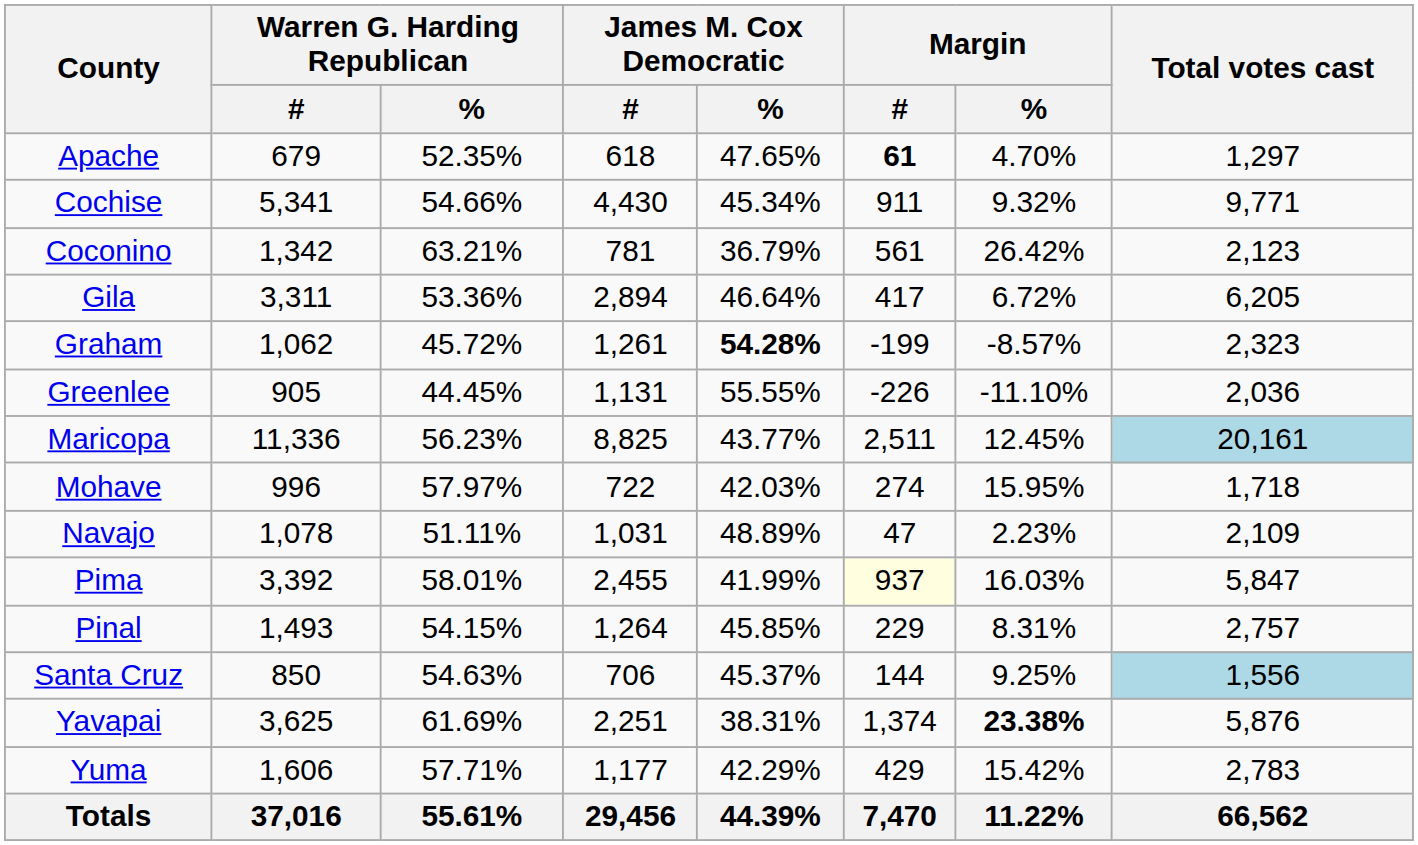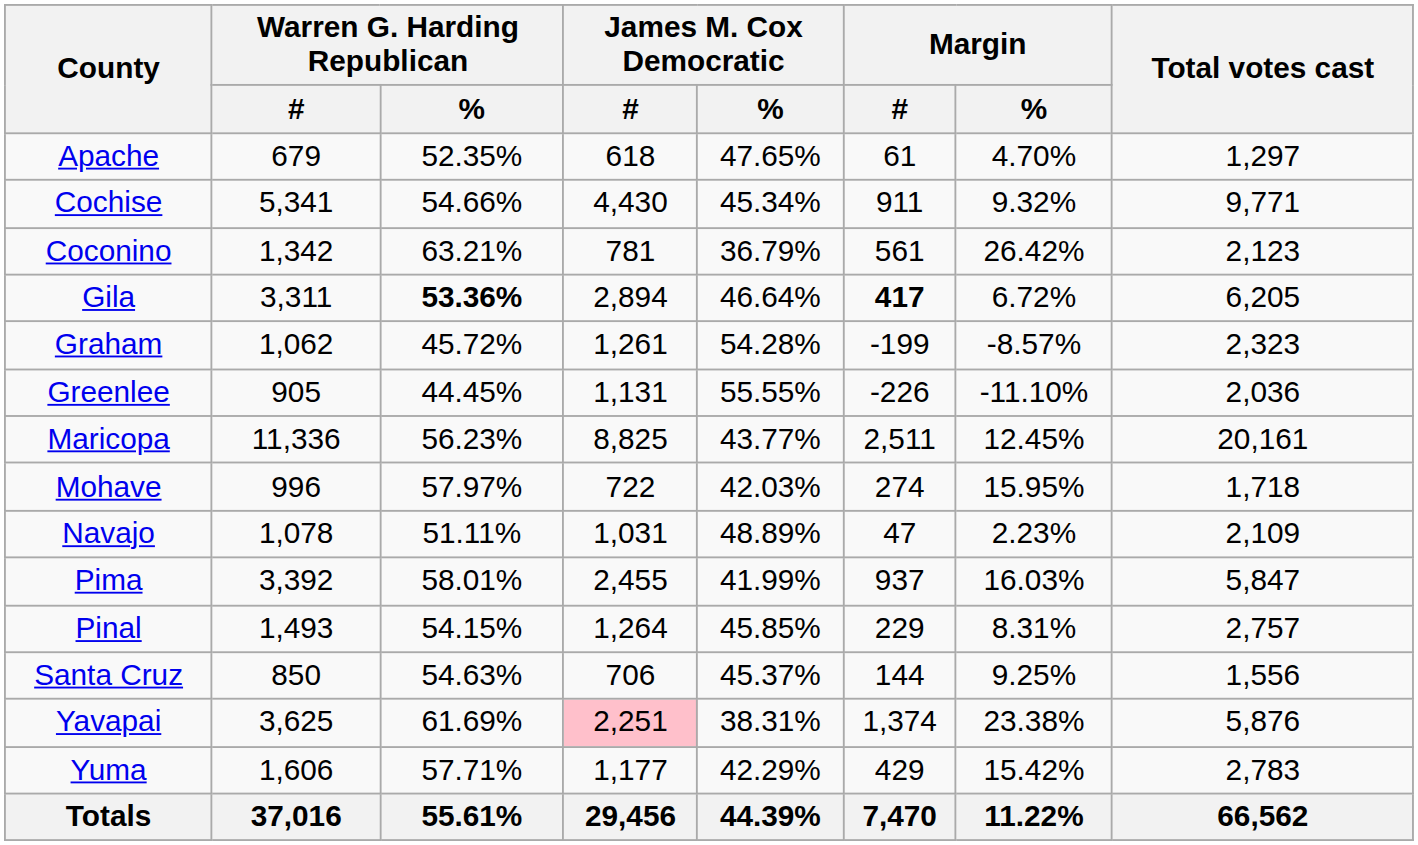 <table width="60%" class="wikitable sortable" style="text-align:center">
 <tr>
 <th style="text-align:center;" rowspan="2">County</th>
 <th style="text-align:center;" colspan="2">Warren G. Harding<br>Republican</th>
 <th style="text-align:center;" colspan="2">James M. Cox<br>Democratic</th>
 <th style="text-align:center;" colspan="2">Margin</th>
 <th style="text-align:center;" rowspan="2">Total votes cast</th>
 </tr>
 <tr>
 <th style="text-align:center;" data-sort-type="number">#</th>
 <th style="text-align:center;" data-sort-type="number">%</th>
 <th style="text-align:center;" data-sort-type="number">#</th>
 <th style="text-align:center;" data-sort-type="number">%</th>
 <th style="text-align:center;" data-sort-type="number">#</th>
 <th style="text-align:center;" data-sort-type="number">%</th>
 </tr>
 <tr style="text-align:center;">
 <td><a href='#'>Apache</a></td>
 <td>679</td>
 <td>52.35%</td>
 <td>618</td>
 <td>47.65%</td>
-<td><strong>61</strong></td>
+<td>61</td>
 <td>4.70%</td>
 <td>1,297</td>
 </tr>
 <tr style="text-align:center;">
 <td><a href='#'>Cochise</a></td>
 <td>5,341</td>
 <td>54.66%</td>
 <td>4,430</td>
 <td>45.34%</td>
 <td>911</td>
 <td>9.32%</td>
 <td>9,771</td>
 </tr>
 <tr style="text-align:center;">
 <td><a href='#'>Coconino</a></td>
 <td>1,342</td>
 <td>63.21%</td>
 <td>781</td>
 <td>36.79%</td>
 <td>561</td>
 <td>26.42%</td>
 <td>2,123</td>
 </tr>
 <tr style="text-align:center;">
 <td><a href='#'>Gila</a></td>
 <td>3,311</td>
-<td>53.36%</td>
+<td><strong>53.36%</strong></td>
 <td>2,894</td>
 <td>46.64%</td>
-<td>417</td>
+<td><strong>417</strong></td>
 <td>6.72%</td>
 <td>6,205</td>
 </tr>
 <tr style="text-align:center;">
 <td><a href='#'>Graham</a></td>
 <td>1,062</td>
 <td>45.72%</td>
 <td>1,261</td>
-<td><strong>54.28%</strong></td>
+<td>54.28%</td>
 <td>-199</td>
 <td>-8.57%</td>
 <td>2,323</td>
 </tr>
 <tr style="text-align:center;">
 <td><a href='#'>Greenlee</a></td>
 <td>905</td>
 <td>44.45%</td>
 <td>1,131</td>
 <td>55.55%</td>
 <td>-226</td>
 <td>-11.10%</td>
 <td>2,036</td>
 </tr>
 <tr style="text-align:center;">
 <td><a href='#'>Maricopa</a></td>
 <td>11,336</td>
 <td>56.23%</td>
 <td>8,825</td>
 <td>43.77%</td>
 <td>2,511</td>
 <td>12.45%</td>
-<td style="background: lightblue;">20,161</td>
+<td>20,161</td>
 </tr>
 <tr style="text-align:center;">
 <td><a href='#'>Mohave</a></td>
 <td>996</td>
 <td>57.97%</td>
 <td>722</td>
 <td>42.03%</td>
 <td>274</td>
 <td>15.95%</td>
 <td>1,718</td>
 </tr>
 <tr style="text-align:center;">
 <td><a href='#'>Navajo</a></td>
 <td>1,078</td>
 <td>51.11%</td>
 <td>1,031</td>
 <td>48.89%</td>
 <td>47</td>
 <td>2.23%</td>
 <td>2,109</td>
 </tr>
 <tr style="text-align:center;">
 <td><a href='#'>Pima</a></td>
 <td>3,392</td>
 <td>58.01%</td>
 <td>2,455</td>
 <td>41.99%</td>
-<td style="background: lightyellow;">937</td>
+<td>937</td>
 <td>16.03%</td>
 <td>5,847</td>
 </tr>
 <tr style="text-align:center;">
 <td><a href='#'>Pinal</a></td>
 <td>1,493</td>
 <td>54.15%</td>
 <td>1,264</td>
 <td>45.85%</td>
 <td>229</td>
 <td>8.31%</td>
 <td>2,757</td>
 </tr>
 <tr style="text-align:center;">
 <td><a href='#'>Santa Cruz</a></td>
 <td>850</td>
 <td>54.63%</td>
 <td>706</td>
 <td>45.37%</td>
 <td>144</td>
 <td>9.25%</td>
-<td style="background: lightblue;">1,556</td>
+<td>1,556</td>
 </tr>
 <tr style="text-align:center;">
 <td><a href='#'>Yavapai</a></td>
 <td>3,625</td>
 <td>61.69%</td>
-<td>2,251</td>
+<td style="background: pink;">2,251</td>
 <td>38.31%</td>
 <td>1,374</td>
-<td><strong>23.38%</strong></td>
+<td>23.38%</td>
 <td>5,876</td>
 </tr>
 <tr style="text-align:center;">
 <td><a href='#'>Yuma</a></td>
 <td>1,606</td>
 <td>57.71%</td>
 <td>1,177</td>
 <td>42.29%</td>
 <td>429</td>
 <td>15.42%</td>
 <td>2,783</td>
 </tr>
 <tr style="text-align:center;">
 <th>Totals</th>
 <th>37,016</th>
 <th>55.61%</th>
 <th>29,456</th>
 <th>44.39%</th>
 <th>7,470</th>
 <th>11.22%</th>
 <th>66,562</th>
 </tr>
 </table>
